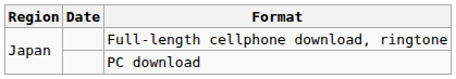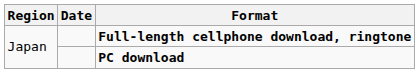 <table class="wikitable">
 <tr>
 <th>Region</th>
 <th>Date</th>
 <th>Format</th>
 </tr>
 <tr>
 <td rowspan="2">Japan</td>
 <td></td>
-<td>Full-length cellphone download, ringtone</td>
+<td><strong>Full-length cellphone download, ringtone</strong></td>
 </tr>
 <tr>
 <td></td>
-<td>PC download</td>
+<td><strong>PC download</strong></td>
 </tr>
 </table>
